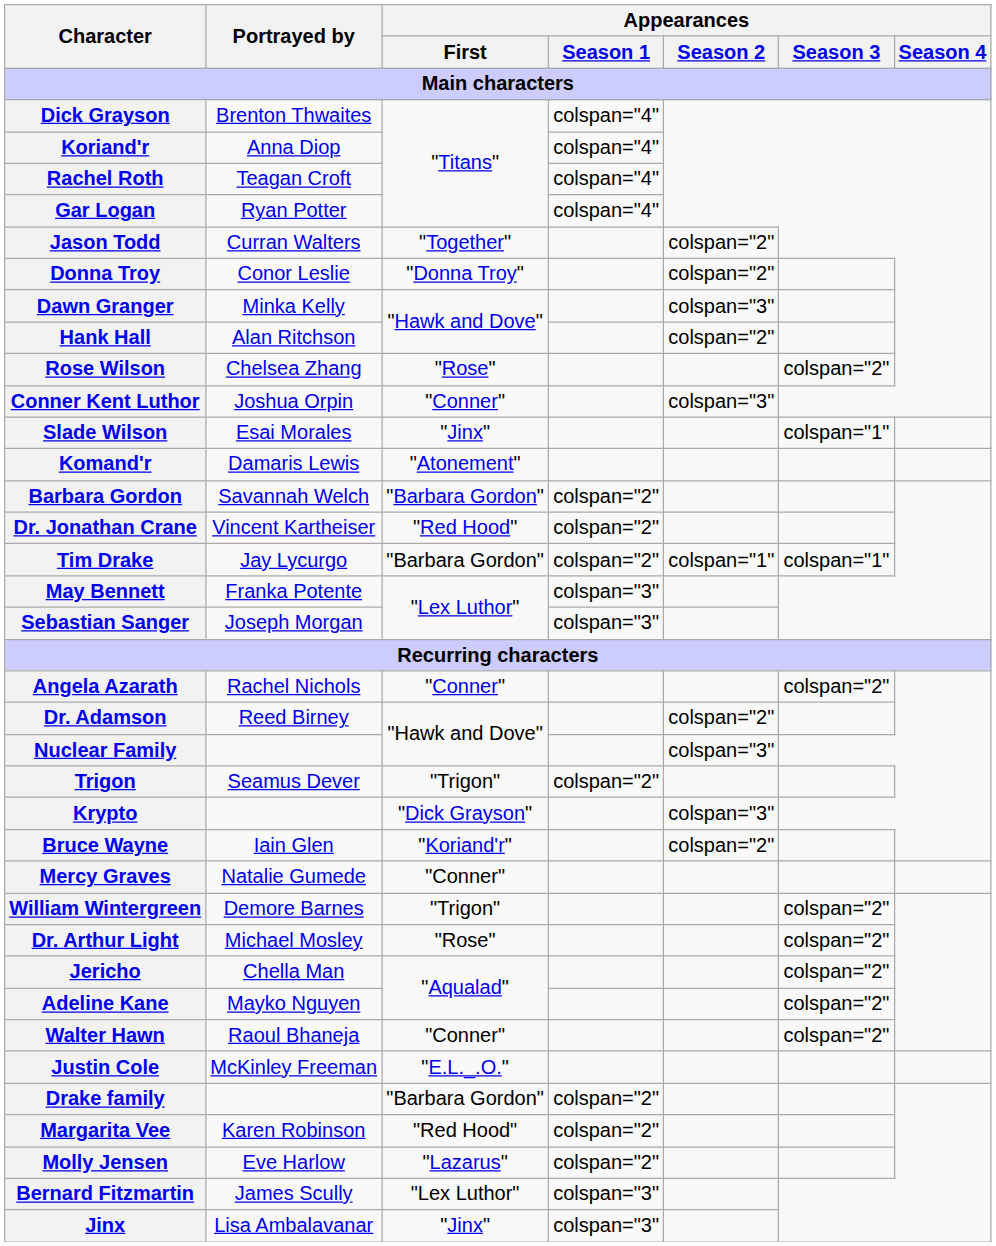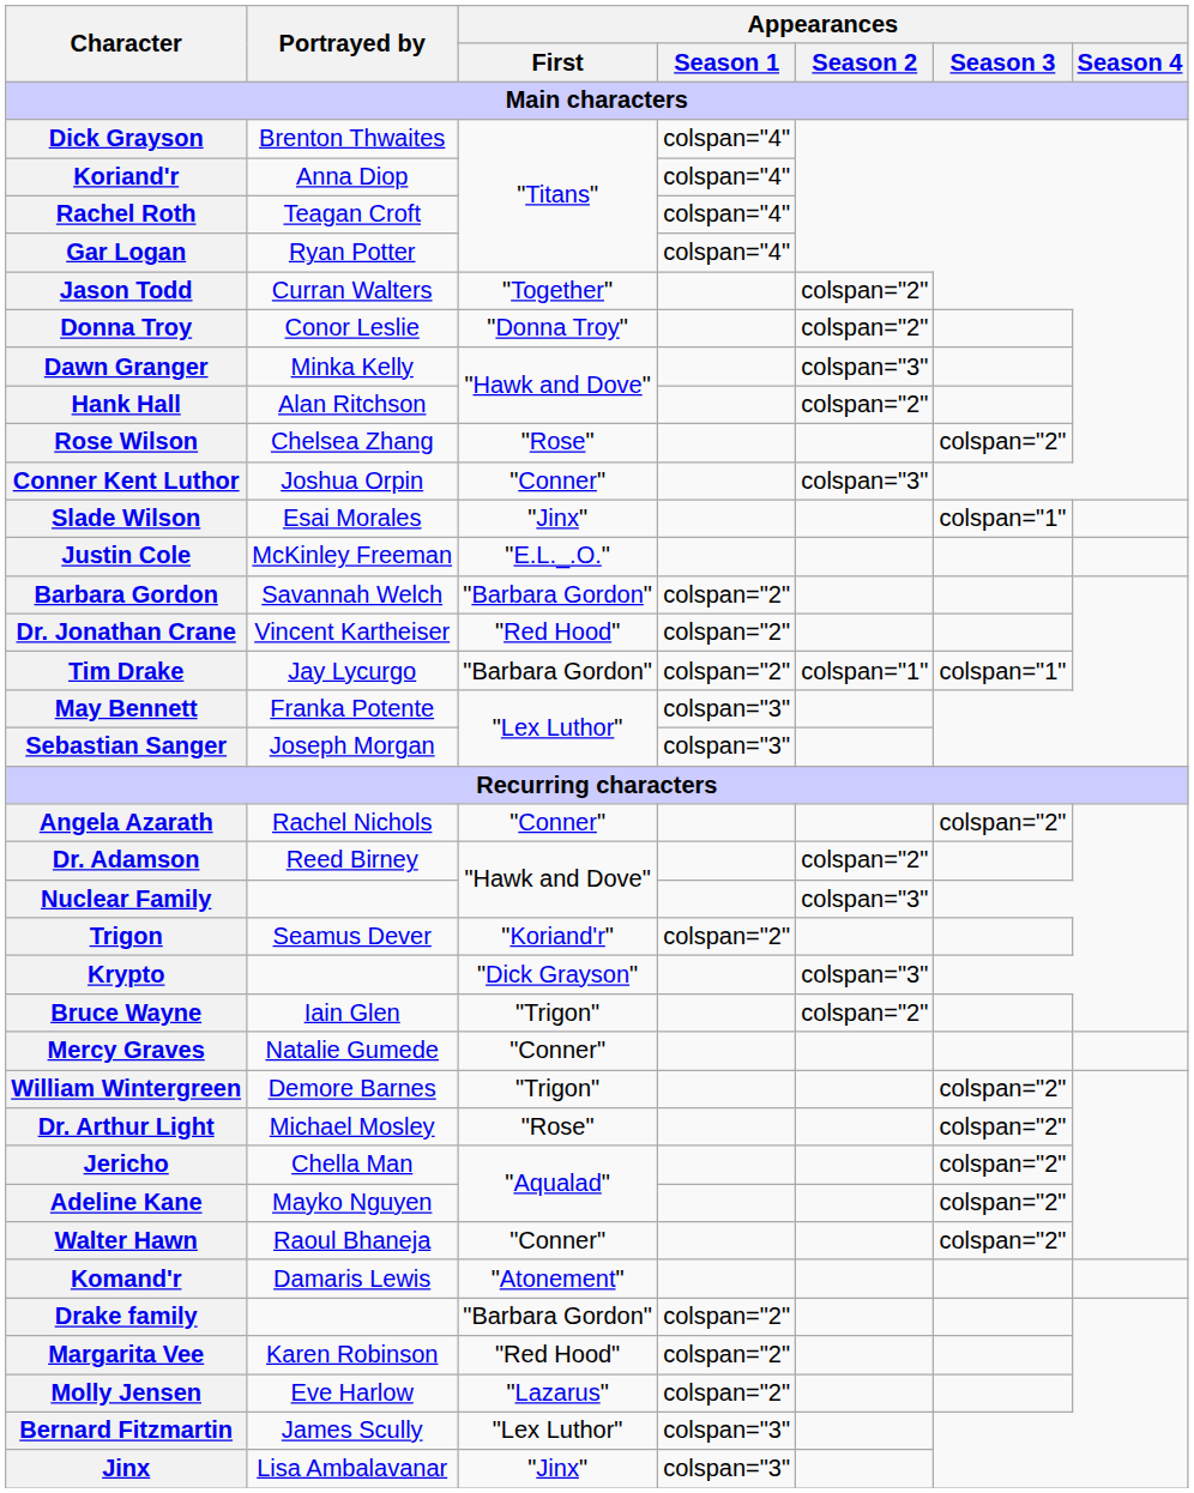 <table class="wikitable plainrowheaders" style="text-align:center;">
 <tr>
 <th scope="col" rowspan="2">Character</th>
 <th scope="col" rowspan="2">Portrayed by</th>
 <th colspan="5" scope="col">Appearances</th>
 </tr>
 <tr>
 <th scope="col">First</th>
 <th scope="col"><a href='#'>Season 1</a></th>
 <th scope="col"><a href='#'>Season 2</a></th>
 <th scope="col"><a href='#'>Season 3</a></th>
 <th scope="col"><a href='#'>Season 4</a></th>
 </tr>
 <tr>
 <th colspan="7" style="background-color:#ccccff;">Main characters</th>
 </tr>
 <tr>
 <th><a href='#'>Dick Grayson<br></a></th>
 <td><a href='#'>Brenton Thwaites</a></td>
 <td rowspan="4">"<a href='#'>Titans</a>"</td>
 <td>colspan="4" </td>
 </tr>
 <tr>
 <th><a href='#'>Koriand'r<br></a></th>
 <td><a href='#'>Anna Diop</a></td>
 <td>colspan="4" </td>
 </tr>
 <tr>
 <th><a href='#'>Rachel Roth<br></a></th>
 <td><a href='#'>Teagan Croft</a></td>
 <td>colspan="4" </td>
 </tr>
 <tr>
 <th><a href='#'>Gar Logan<br></a></th>
 <td><a href='#'>Ryan Potter</a></td>
 <td>colspan="4" </td>
 </tr>
 <tr>
 <th><a href='#'>Jason Todd<br></a></th>
 <td><a href='#'>Curran Walters</a></td>
 <td>"<a href='#'>Together</a>"</td>
 <td></td>
 <td>colspan="2" </td>
 </tr>
 <tr>
 <th><a href='#'>Donna Troy<br></a></th>
 <td><a href='#'>Conor Leslie</a></td>
 <td>"<a href='#'>Donna Troy</a>"</td>
 <td></td>
 <td>colspan="2" </td>
 <td></td>
 </tr>
 <tr>
 <th><a href='#'>Dawn Granger<br></a></th>
 <td><a href='#'>Minka Kelly</a></td>
 <td rowspan="2">"<a href='#'>Hawk and Dove</a>"</td>
 <td></td>
 <td>colspan="3" </td>
 <td></td>
 </tr>
 <tr>
 <th><a href='#'>Hank Hall<br></a></th>
 <td><a href='#'>Alan Ritchson</a></td>
 <td></td>
 <td>colspan="2" </td>
 <td></td>
 </tr>
 <tr>
 <th><a href='#'>Rose Wilson</a></th>
 <td><a href='#'>Chelsea Zhang</a></td>
 <td>"<a href='#'>Rose</a>"</td>
 <td></td>
 <td></td>
 <td>colspan="2" </td>
 </tr>
 <tr>
 <th><a href='#'>Conner Kent Luthor<br></a></th>
 <td><a href='#'>Joshua Orpin</a></td>
 <td>"<a href='#'>Conner</a>"</td>
 <td></td>
 <td>colspan="3" </td>
 </tr>
 <tr>
 <th><a href='#'>Slade Wilson<br></a></th>
 <td><a href='#'>Esai Morales</a></td>
 <td>"<a href='#'>Jinx</a>"</td>
 <td></td>
 <td></td>
 <td>colspan="1" </td>
 <td></td>
 </tr>
 <tr>
-<th><a href='#'>Komand'r<br></a></th>
-<td><a href='#'>Damaris Lewis</a></td>
-<td>"<a href='#'>Atonement</a>"</td>
+<th><a href='#'>Justin Cole</a></th>
+<td><a href='#'>McKinley Freeman</a></td>
+<td>"<a href='#'>E.L._.O.</a>"</td>
 <td></td>
 <td></td>
 <td></td>
 <td></td>
 </tr>
 <tr>
 <th><a href='#'>Barbara Gordon</a></th>
 <td><a href='#'>Savannah Welch</a></td>
 <td>"<a href='#'>Barbara Gordon</a>"</td>
 <td>colspan="2" </td>
 <td></td>
 <td></td>
 </tr>
 <tr>
 <th><a href='#'>Dr. Jonathan Crane</a></th>
 <td><a href='#'>Vincent Kartheiser</a></td>
 <td>"<a href='#'>Red Hood</a>"</td>
 <td>colspan="2" </td>
 <td></td>
 <td></td>
 </tr>
 <tr>
 <th><a href='#'>Tim Drake<br></a></th>
 <td><a href='#'>Jay Lycurgo</a></td>
 <td rowspan="1">"Barbara Gordon"</td>
 <td>colspan="2" </td>
 <td>colspan="1" </td>
 <td>colspan="1" </td>
 </tr>
 <tr>
 <th><a href='#'>May Bennett<br></a></th>
 <td><a href='#'>Franka Potente</a></td>
 <td rowspan="2">"<a href='#'>Lex Luthor</a>"</td>
 <td>colspan="3" </td>
 <td></td>
 </tr>
 <tr>
 <th><a href='#'>Sebastian Sanger<br></a></th>
 <td><a href='#'>Joseph Morgan</a></td>
 <td>colspan="3" </td>
 <td></td>
 </tr>
 <tr>
 <th colspan="7" style="background-color:#ccccff;">Recurring characters</th>
 </tr>
 <tr>
 <th><a href='#'>Angela Azarath</a></th>
 <td><a href='#'>Rachel Nichols</a></td>
 <td>"<a href='#'>Conner</a>"</td>
 <td></td>
 <td></td>
 <td>colspan="2" </td>
 </tr>
 <tr>
 <th><a href='#'>Dr. Adamson</a></th>
 <td><a href='#'>Reed Birney</a></td>
 <td rowspan="2">"Hawk and Dove"</td>
 <td></td>
 <td>colspan="2" </td>
 <td></td>
 </tr>
 <tr>
 <th><a href='#'>Nuclear Family</a></th>
 <td></td>
 <td></td>
 <td>colspan="3" </td>
 </tr>
 <tr>
 <th><a href='#'>Trigon</a></th>
 <td><a href='#'>Seamus Dever</a></td>
-<td>"Trigon"</td>
+<td>"<a href='#'>Koriand'r</a>"</td>
 <td>colspan="2" </td>
 <td></td>
 <td></td>
 </tr>
 <tr>
 <th><a href='#'>Krypto</a></th>
 <td></td>
 <td>"<a href='#'>Dick Grayson</a>"</td>
 <td></td>
 <td>colspan="3" </td>
 </tr>
 <tr>
 <th><a href='#'>Bruce Wayne</a></th>
 <td><a href='#'>Iain Glen</a></td>
-<td>"<a href='#'>Koriand'r</a>"</td>
+<td>"Trigon"</td>
 <td></td>
 <td>colspan="2" </td>
 <td></td>
 </tr>
 <tr>
 <th><a href='#'>Mercy Graves</a></th>
 <td><a href='#'>Natalie Gumede</a></td>
 <td>"Conner"</td>
 <td></td>
 <td></td>
 <td></td>
 <td></td>
 </tr>
 <tr>
 <th><a href='#'>William Wintergreen</a></th>
 <td><a href='#'>Demore Barnes</a></td>
 <td>"Trigon"</td>
 <td></td>
 <td></td>
 <td>colspan="2" </td>
 </tr>
 <tr>
 <th><a href='#'>Dr. Arthur Light</a></th>
 <td><a href='#'>Michael Mosley</a></td>
 <td>"Rose"</td>
 <td></td>
 <td></td>
 <td>colspan="2" </td>
 </tr>
 <tr>
 <th><a href='#'>Jericho</a></th>
 <td><a href='#'>Chella Man</a></td>
 <td rowspan="2">"<a href='#'>Aqualad</a>"</td>
 <td></td>
 <td></td>
 <td>colspan="2" </td>
 </tr>
 <tr>
 <th><a href='#'>Adeline Kane</a></th>
 <td><a href='#'>Mayko Nguyen</a></td>
 <td></td>
 <td></td>
 <td>colspan="2" </td>
 </tr>
 <tr>
 <th><a href='#'>Walter Hawn</a></th>
 <td><a href='#'>Raoul Bhaneja</a></td>
 <td>"Conner"</td>
 <td></td>
 <td></td>
 <td>colspan="2" </td>
 </tr>
 <tr>
-<th><a href='#'>Justin Cole</a></th>
-<td><a href='#'>McKinley Freeman</a></td>
-<td>"<a href='#'>E.L._.O.</a>"</td>
+<th><a href='#'>Komand'r<br></a></th>
+<td><a href='#'>Damaris Lewis</a></td>
+<td>"<a href='#'>Atonement</a>"</td>
 <td></td>
 <td></td>
 <td></td>
 <td></td>
 </tr>
 <tr>
 <th><a href='#'>Drake family</a></th>
 <td></td>
 <td rowspan="1">"Barbara Gordon"</td>
 <td>colspan="2" </td>
 <td></td>
 <td></td>
 </tr>
 <tr>
 <th><a href='#'>Margarita Vee</a></th>
 <td><a href='#'>Karen Robinson</a></td>
 <td>"Red Hood"</td>
 <td>colspan="2" </td>
 <td></td>
 <td></td>
 </tr>
 <tr>
 <th><a href='#'>Molly Jensen</a></th>
 <td><a href='#'>Eve Harlow</a></td>
 <td>"<a href='#'>Lazarus</a>"</td>
 <td>colspan="2" </td>
 <td></td>
 <td></td>
 </tr>
 <tr>
 <th><a href='#'>Bernard Fitzmartin</a></th>
 <td><a href='#'>James Scully</a></td>
 <td>"Lex Luthor"</td>
 <td>colspan="3" </td>
 <td></td>
 </tr>
 <tr>
 <th><a href='#'>Jinx</a></th>
 <td><a href='#'>Lisa Ambalavanar</a></td>
 <td>"<a href='#'>Jinx</a>"</td>
 <td>colspan="3" </td>
 <td></td>
 </tr>
 </table>
